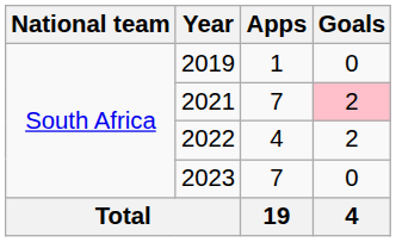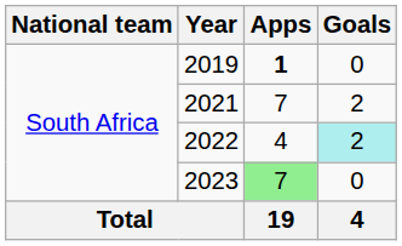 <table class="wikitable" style="text-align:center">
 <tr>
 <th>National team</th>
 <th>Year</th>
 <th>Apps</th>
 <th>Goals</th>
 </tr>
 <tr>
 <td rowspan="4"><a href='#'>South Africa</a></td>
 <td>2019</td>
-<td>1</td>
+<td><strong>1</strong></td>
 <td>0</td>
 </tr>
 <tr>
 <td>2021</td>
 <td>7</td>
-<td style="background: pink;">2</td>
+<td>2</td>
 </tr>
 <tr>
 <td>2022</td>
 <td>4</td>
-<td>2</td>
+<td style="background: paleturquoise;">2</td>
 </tr>
 <tr>
 <td>2023</td>
-<td>7</td>
+<td style="background: lightgreen;">7</td>
 <td>0</td>
 </tr>
 <tr>
 <th colspan="2">Total</th>
 <th>19</th>
 <th>4</th>
 </tr>
 </table>
